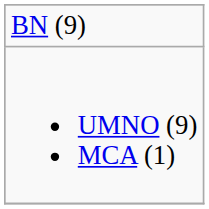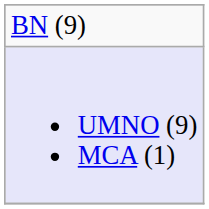 <table class="wikitable">
 <tr>
 <td> <a href='#'>BN</a> (9)</td>
 </tr>
 <tr>
-<td><br><ul><li> <a href='#'>UMNO</a> (9)</li><li> <a href='#'>MCA</a> (1)</li></ul></td>
+<td style="background: lavender;"><br><ul><li> <a href='#'>UMNO</a> (9)</li><li> <a href='#'>MCA</a> (1)</li></ul></td>
 </tr>
 <tr>
 </tr>
 </table>
